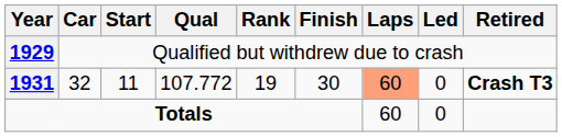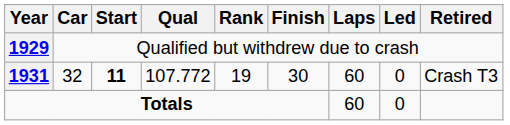 <table class="wikitable" style="text-align:center">
 <tr>
 <th>Year</th>
 <th>Car</th>
 <th>Start</th>
 <th>Qual</th>
 <th>Rank</th>
 <th>Finish</th>
 <th>Laps</th>
 <th>Led</th>
 <th>Retired</th>
 </tr>
 <tr>
 <th><a href='#'>1929</a></th>
 <td colspan=8>Qualified but withdrew due to crash</td>
 </tr>
 <tr>
 <th><a href='#'>1931</a></th>
 <td>32</td>
-<td>11</td>
+<td><strong>11</strong></td>
 <td>107.772</td>
 <td>19</td>
 <td>30</td>
-<td style="background: lightsalmon;">60</td>
+<td>60</td>
 <td>0</td>
-<td><strong>Crash T3</strong></td>
+<td>Crash T3</td>
 </tr>
 <tr>
 <td colspan=6><strong>Totals</strong></td>
 <td>60</td>
 <td>0</td>
 <td></td>
 </tr>
 </table>
